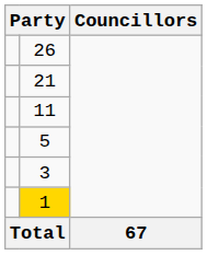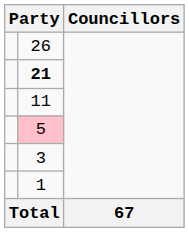 <table class="wikitable">
 <tr>
 <th colspan=2>Party</th>
 <th>Councillors</th>
 </tr>
 <tr>
 <td></td>
 <td align=center>26</td>
 </tr>
 <tr>
 <td></td>
-<td align=center>21</td>
+<td align=center><strong>21</strong></td>
 </tr>
 <tr>
 <td></td>
 <td align=center>11</td>
 </tr>
 <tr>
 <td></td>
-<td align=center>5</td>
+<td align=center style="background: pink;">5</td>
 </tr>
 <tr>
 <td></td>
 <td align=center>3</td>
 </tr>
 <tr>
 <td></td>
-<td align=center style="background: gold;">1</td>
+<td align=center>1</td>
 </tr>
 <tr>
 <th colspan=2>Total</th>
 <th>67</th>
 </tr>
 </table>
